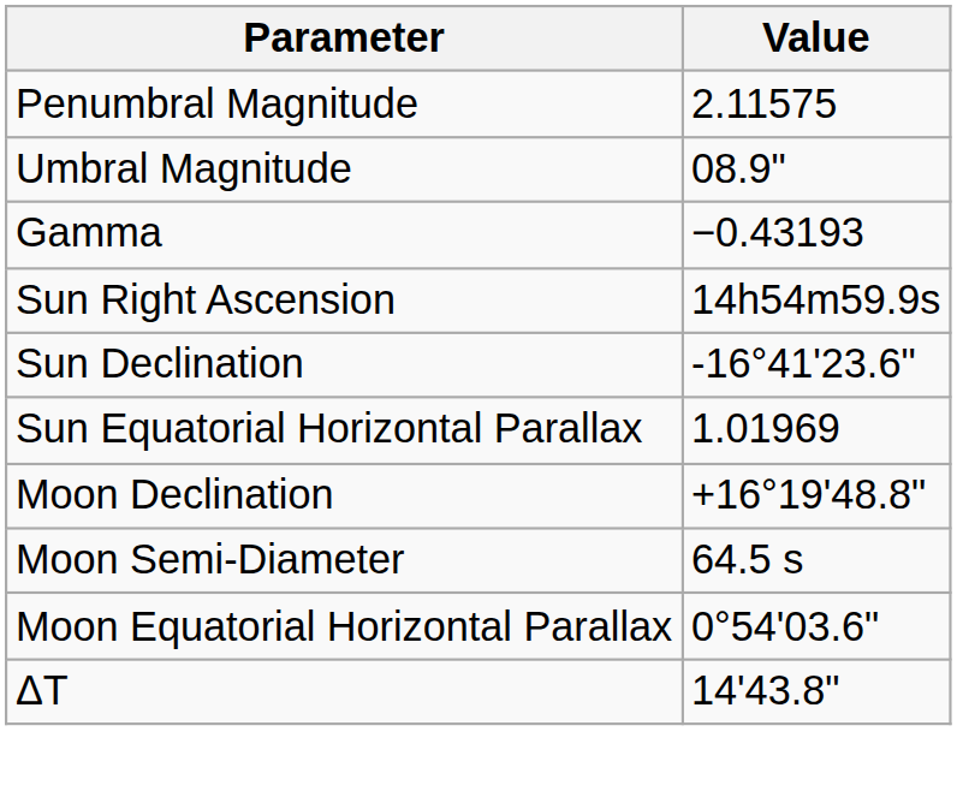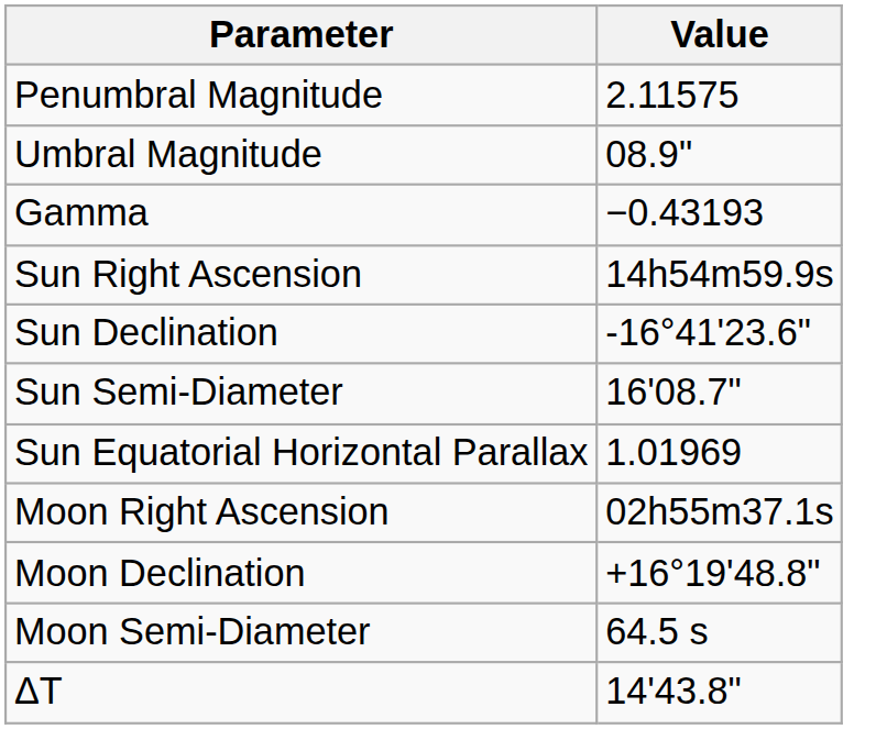 <table class="wikitable">
 <tr>
 <th>Parameter</th>
 <th>Value</th>
 </tr>
 <tr>
 <td>Penumbral Magnitude</td>
 <td>2.11575</td>
 </tr>
 <tr>
 <td>Umbral Magnitude</td>
 <td>08.9"</td>
 </tr>
 <tr>
 <td>Gamma</td>
 <td>−0.43193</td>
 </tr>
 <tr>
 <td>Sun Right Ascension</td>
 <td>14h54m59.9s</td>
 </tr>
 <tr>
 <td>Sun Declination</td>
 <td>-16°41'23.6"</td>
 </tr>
 <tr>
+<td>Sun Semi-Diameter</td>
+<td>16'08.7"</td>
+</tr>
+<tr>
 <td>Sun Equatorial Horizontal Parallax</td>
 <td>1.01969</td>
+</tr>
+<tr>
+<td>Moon Right Ascension</td>
+<td>02h55m37.1s</td>
 </tr>
 <tr>
 <td>Moon Declination</td>
 <td>+16°19'48.8"</td>
 </tr>
 <tr>
 <td>Moon Semi-Diameter</td>
 <td>64.5 s</td>
 </tr>
 <tr>
-<td>Moon Equatorial Horizontal Parallax</td>
-<td>0°54'03.6"</td>
-</tr>
-<tr>
 <td>ΔT</td>
 <td>14'43.8"</td>
 </tr>
 </table>
